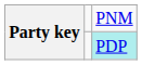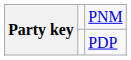 <table class=wikitable>
 <tr>
 <th rowspan=7>Party key</th>
 <td style="background: "></td>
 <td><a href='#'>PNM</a></td>
 </tr>
 <tr>
 <td style="background: "></td>
-<td style="background: paleturquoise;"><a href='#'>PDP</a></td>
+<td><a href='#'>PDP</a></td>
 </tr>
 </table>
